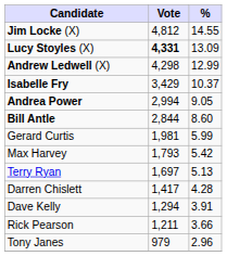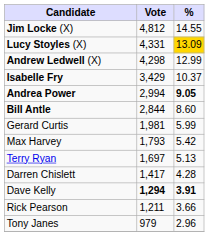 <table class="wikitable">
 <tr>
 <th style="background:#ddf; width:200px;">Candidate</th>
 <th style="background:#ddf; width:50px;">Vote</th>
 <th style="background:#ddf; width:30px;">%</th>
 </tr>
 <tr>
 <td><strong>Jim Locke</strong> (X)</td>
 <td>4,812</td>
 <td>14.55</td>
 </tr>
 <tr>
 <td><strong>Lucy Stoyles</strong> (X)</td>
-<td><strong>4,331</strong></td>
-<td>13.09</td>
+<td>4,331</td>
+<td style="background: gold;">13.09</td>
 </tr>
 <tr>
 <td><strong>Andrew Ledwell</strong> (X)</td>
 <td>4,298</td>
 <td>12.99</td>
 </tr>
 <tr>
 <td><strong>Isabelle Fry</strong></td>
 <td>3,429</td>
 <td>10.37</td>
 </tr>
 <tr>
 <td><strong>Andrea Power</strong></td>
 <td>2,994</td>
-<td>9.05</td>
+<td><strong>9.05</strong></td>
 </tr>
 <tr>
 <td><strong>Bill Antle</strong></td>
 <td>2,844</td>
 <td>8.60</td>
 </tr>
 <tr>
 <td>Gerard Curtis</td>
 <td>1,981</td>
 <td>5.99</td>
 </tr>
 <tr>
 <td>Max Harvey</td>
 <td>1,793</td>
 <td>5.42</td>
 </tr>
 <tr>
 <td><a href='#'>Terry Ryan</a></td>
 <td>1,697</td>
 <td>5.13</td>
 </tr>
 <tr>
 <td>Darren Chislett</td>
 <td>1,417</td>
 <td>4.28</td>
 </tr>
 <tr>
 <td>Dave Kelly</td>
-<td>1,294</td>
-<td>3.91</td>
+<td><strong>1,294</strong></td>
+<td><strong>3.91</strong></td>
 </tr>
 <tr>
 <td>Rick Pearson</td>
 <td>1,211</td>
 <td>3.66</td>
 </tr>
 <tr>
 <td>Tony Janes</td>
 <td>979</td>
 <td>2.96</td>
 </tr>
 <tr>
 </tr>
 </table>
